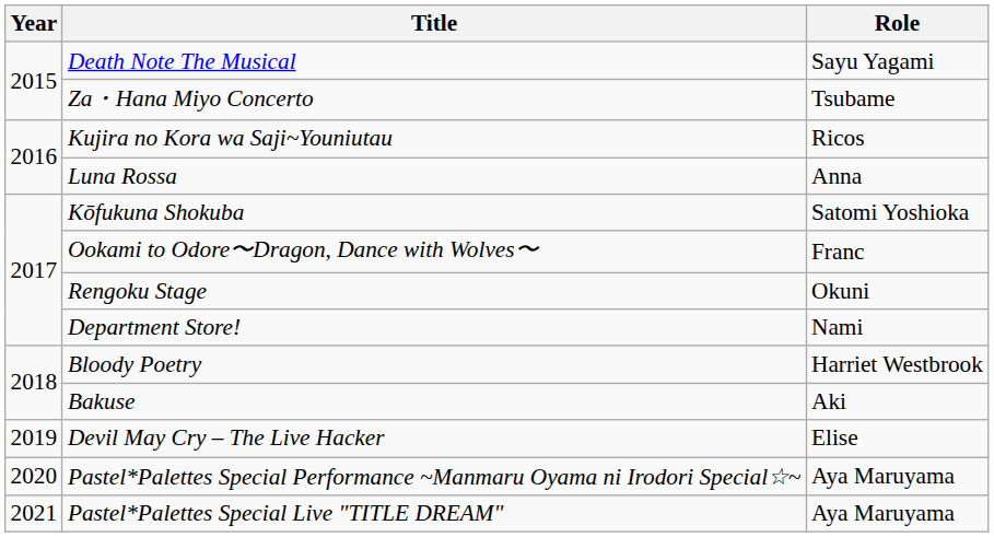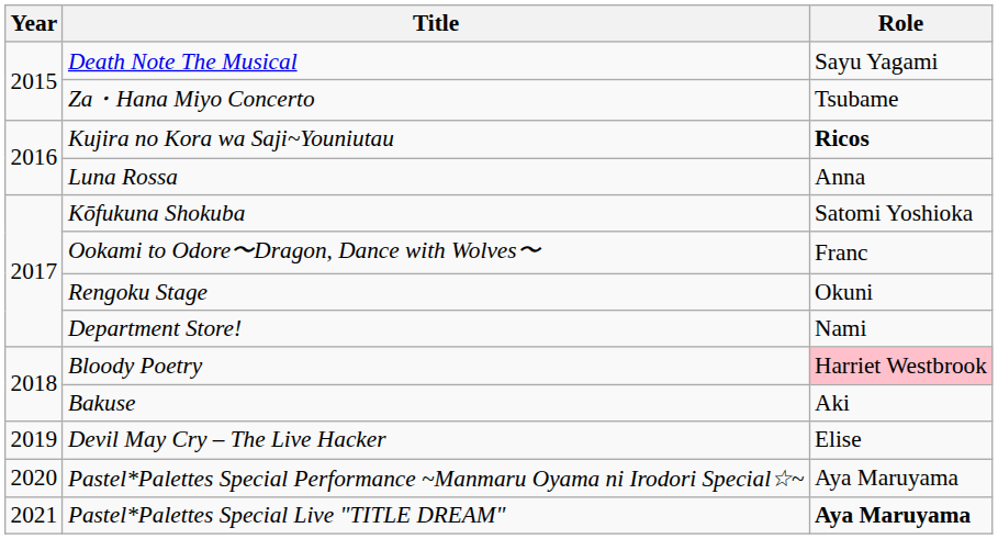 <table class="wikitable">
 <tr>
 <th>Year</th>
 <th>Title</th>
 <th>Role</th>
 </tr>
 <tr>
 <td rowspan=2>2015</td>
 <td><em><a href='#'>Death Note The Musical</a></em></td>
 <td>Sayu Yagami</td>
 </tr>
 <tr>
 <td><em>Za・Hana Miyo Concerto</em></td>
 <td>Tsubame</td>
 </tr>
 <tr>
 <td rowspan=2>2016</td>
 <td><em>Kujira no Kora wa Saji~Youniutau</em></td>
-<td>Ricos</td>
+<td><strong>Ricos</strong></td>
 </tr>
 <tr>
 <td><em>Luna Rossa</em></td>
 <td>Anna</td>
 </tr>
 <tr>
 <td rowspan=4>2017</td>
 <td><em>Kōfukuna Shokuba</em></td>
 <td>Satomi Yoshioka</td>
 </tr>
 <tr>
 <td><em>Ookami to Odore〜Dragon, Dance with Wolves〜</em></td>
 <td>Franc</td>
 </tr>
 <tr>
 <td><em>Rengoku Stage</em></td>
 <td>Okuni</td>
 </tr>
 <tr>
 <td><em>Department Store!</em></td>
 <td>Nami</td>
 </tr>
 <tr>
 <td rowspan=2>2018</td>
 <td><em>Bloody Poetry</em></td>
-<td>Harriet Westbrook</td>
+<td style="background: pink;">Harriet Westbrook</td>
 </tr>
 <tr>
 <td><em>Bakuse</em></td>
 <td>Aki</td>
 </tr>
 <tr>
 <td>2019</td>
 <td><em>Devil May Cry – The Live Hacker</em></td>
 <td>Elise</td>
 </tr>
 <tr>
 <td>2020</td>
 <td><em>Pastel*Palettes Special Performance ~Manmaru Oyama ni Irodori Special☆~</em></td>
 <td>Aya Maruyama</td>
 </tr>
 <tr>
 <td>2021</td>
 <td><em>Pastel*Palettes Special Live "TITLE DREAM"</em></td>
-<td>Aya Maruyama</td>
+<td><strong>Aya Maruyama</strong></td>
 </tr>
 </table>
